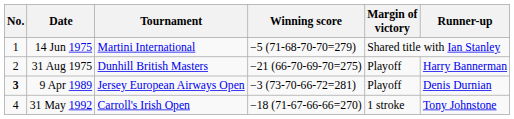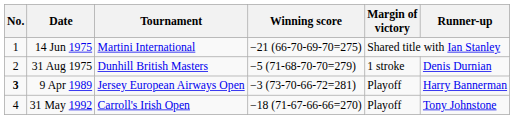 <table class="wikitable" style="font-size:95%;">
 <tr>
 <th>No.</th>
 <th>Date</th>
 <th>Tournament</th>
 <th>Winning score</th>
 <th>Margin of<br>victory</th>
 <th>Runner-up</th>
 </tr>
 <tr>
 <td align=center>1</td>
 <td align=right>14 Jun <a href='#'>1975</a></td>
 <td><a href='#'>Martini International</a></td>
-<td>−5 (71-68-70-70=279)</td>
+<td>−21 (66-70-69-70=275)</td>
 <td colspan=2>Shared title with  <a href='#'>Ian Stanley</a></td>
 </tr>
 <tr>
 <td align=center>2</td>
 <td align=right>31 Aug 1975</td>
 <td><a href='#'>Dunhill British Masters</a></td>
-<td>−21 (66-70-69-70=275)</td>
-<td>Playoff</td>
-<td> <a href='#'>Harry Bannerman</a></td>
+<td>−5 (71-68-70-70=279)</td>
+<td>1 stroke</td>
+<td> <a href='#'>Denis Durnian</a></td>
 </tr>
 <tr>
 <td align=center><strong>3</strong></td>
 <td align=right>9 Apr <a href='#'>1989</a></td>
 <td><a href='#'>Jersey European Airways Open</a></td>
 <td>−3 (73-70-66-72=281)</td>
 <td>Playoff</td>
-<td> <a href='#'>Denis Durnian</a></td>
+<td> <a href='#'>Harry Bannerman</a></td>
 </tr>
 <tr>
 <td align=center>4</td>
 <td align=right>31 May <a href='#'>1992</a></td>
 <td><a href='#'>Carroll's Irish Open</a></td>
 <td>−18 (71-67-66-66=270)</td>
-<td>1 stroke</td>
+<td>Playoff</td>
 <td> <a href='#'>Tony Johnstone</a></td>
 </tr>
 </table>
